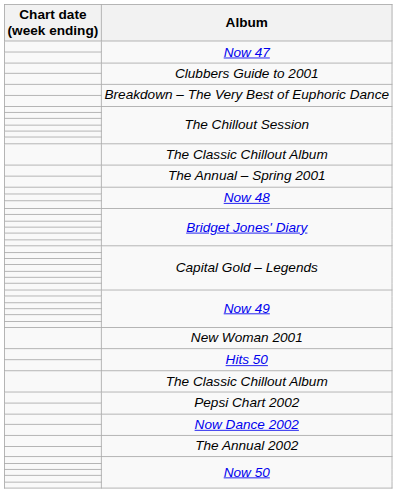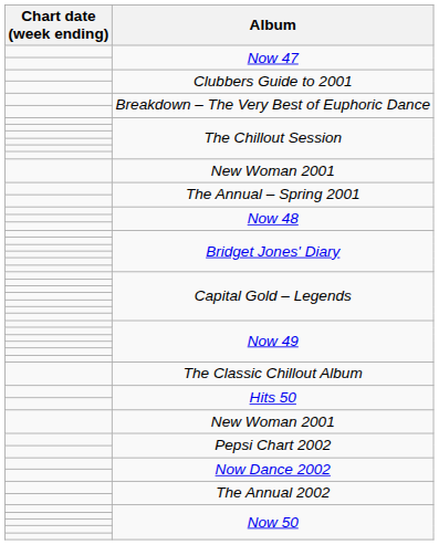 <table class="wikitable">
 <tr>
 <th style="text-align:center;">Chart date<br>(week ending)</th>
 <th style="text-align:center;">Album</th>
 </tr>
 <tr>
 <td style="text-align:left;"></td>
 <td style="text-align:center;" rowspan="2"><em><a href='#'>Now 47</a></em></td>
 </tr>
 <tr>
 <td style="text-align:left;"></td>
 </tr>
 <tr>
 <td style="text-align:left;"></td>
 <td style="text-align:center;" rowspan="2"><em>Clubbers Guide to 2001</em></td>
 </tr>
 <tr>
 <td style="text-align:left;"></td>
 </tr>
 <tr>
 <td style="text-align:left;"></td>
 <td style="text-align:center;" rowspan="2"><em>Breakdown – The Very Best of Euphoric Dance</em></td>
 </tr>
 <tr>
 <td style="text-align:left;"></td>
 </tr>
 <tr>
 <td style="text-align:left;"></td>
 <td style="text-align:center;" rowspan="6"><em>The Chillout Session</em></td>
 </tr>
 <tr>
 <td style="text-align:left;"></td>
 </tr>
 <tr>
 <td style="text-align:left;"></td>
 </tr>
 <tr>
 <td style="text-align:left;"></td>
 </tr>
 <tr>
 <td style="text-align:left;"></td>
 </tr>
 <tr>
 <td style="text-align:left;"></td>
 </tr>
 <tr>
 <td style="text-align:left;"></td>
-<td style="text-align:center;"><em>The Classic Chillout Album</em></td>
+<td style="text-align:center;"><em>New Woman 2001</em></td>
 </tr>
 <tr>
 <td style="text-align:left;"></td>
 <td style="text-align:center;" rowspan="2"><em>The Annual – Spring 2001</em></td>
 </tr>
 <tr>
 <td style="text-align:left;"></td>
 </tr>
 <tr>
 <td style="text-align:left;"></td>
 <td style="text-align:center;" rowspan="3"><em><a href='#'>Now 48</a></em></td>
 </tr>
 <tr>
 <td style="text-align:left;"></td>
 </tr>
 <tr>
 <td style="text-align:left;"></td>
 </tr>
 <tr>
 <td style="text-align:left;"></td>
 <td style="text-align:center;" rowspan="6"><em><a href='#'>Bridget Jones' Diary</a></em></td>
 </tr>
 <tr>
 <td style="text-align:left;"></td>
 </tr>
 <tr>
 <td style="text-align:left;"></td>
 </tr>
 <tr>
 <td style="text-align:left;"></td>
 </tr>
 <tr>
 <td style="text-align:left;"></td>
 </tr>
 <tr>
 <td style="text-align:left;"></td>
 </tr>
 <tr>
 <td style="text-align:left;"></td>
 <td style="text-align:center;" rowspan="7"><em>Capital Gold – Legends</em></td>
 </tr>
 <tr>
 <td style="text-align:left;"></td>
 </tr>
 <tr>
 <td style="text-align:left;"></td>
 </tr>
 <tr>
 <td style="text-align:left;"></td>
 </tr>
 <tr>
 <td style="text-align:left;"></td>
 </tr>
 <tr>
 <td style="text-align:left;"></td>
 </tr>
 <tr>
 <td style="text-align:left;"></td>
 </tr>
 <tr>
 <td style="text-align:left;"></td>
 <td style="text-align:center;" rowspan="6"><em><a href='#'>Now 49</a></em></td>
 </tr>
 <tr>
 <td style="text-align:left;"></td>
 </tr>
 <tr>
 <td style="text-align:left;"></td>
 </tr>
 <tr>
 <td style="text-align:left;"></td>
 </tr>
 <tr>
 <td style="text-align:left;"></td>
 </tr>
 <tr>
 <td style="text-align:left;"></td>
 </tr>
 <tr>
 <td style="text-align:left;"></td>
-<td style="text-align:center;"><em>New Woman 2001</em></td>
+<td style="text-align:center;"><em>The Classic Chillout Album</em></td>
 </tr>
 <tr>
 <td style="text-align:left;"></td>
 <td style="text-align:center;" rowspan="2"><em><a href='#'>Hits 50</a></em></td>
 </tr>
 <tr>
 <td style="text-align:left;"></td>
 </tr>
 <tr>
 <td style="text-align:left;"></td>
-<td style="text-align:center;"><em>The Classic Chillout Album</em></td>
+<td style="text-align:center;"><em>New Woman 2001</em></td>
 </tr>
 <tr>
 <td style="text-align:left;"></td>
 <td style="text-align:center;" rowspan="2"><em>Pepsi Chart 2002</em></td>
 </tr>
 <tr>
 <td style="text-align:left;"></td>
 </tr>
 <tr>
 <td style="text-align:left;"></td>
 <td style="text-align:center;" rowspan="2"><em><a href='#'>Now Dance 2002</a></em></td>
 </tr>
 <tr>
 <td style="text-align:left;"></td>
 </tr>
 <tr>
 <td style="text-align:left;"></td>
 <td style="text-align:center;" rowspan="2"><em>The Annual 2002</em></td>
 </tr>
 <tr>
 <td style="text-align:left;"></td>
 </tr>
 <tr>
 <td style="text-align:left;"></td>
 <td style="text-align:center;" rowspan="5"><em><a href='#'>Now 50</a></em></td>
 </tr>
 <tr>
 <td style="text-align:left;"></td>
 </tr>
 <tr>
 <td style="text-align:left;"></td>
 </tr>
 <tr>
 <td style="text-align:left;"></td>
 </tr>
 <tr>
 <td style="text-align:left;"></td>
 </tr>
 </table>
